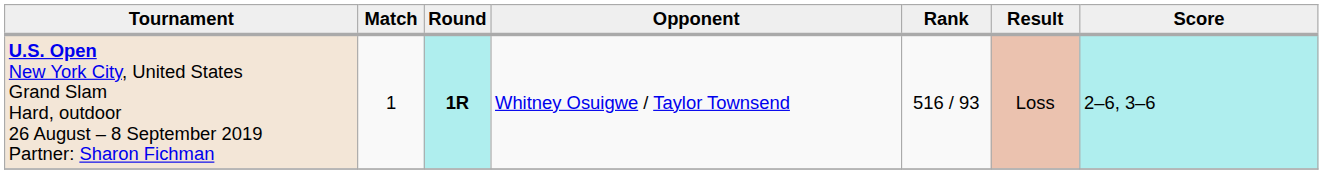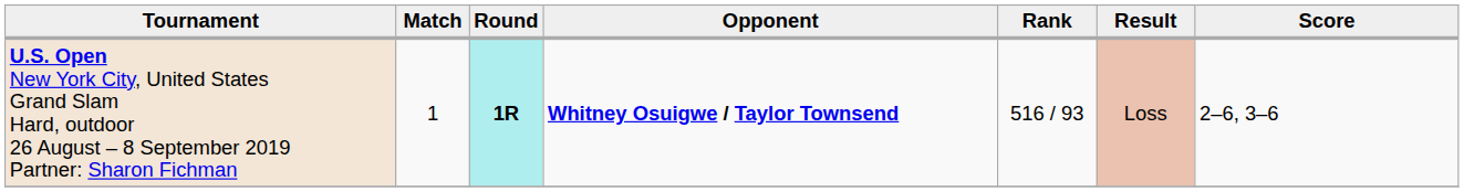 <table class="wikitable">
 <tr style="background:#efefef;font-weight:bold;text-align:center">
 <td style="width:300px;">Tournament</td>
 <td style="width:50px;">Match</td>
 <td style="width:50px;">Round</td>
 <td style="width:350px;">Opponent</td>
 <td style="width:70px;">Rank</td>
 <td style="width:70px;">Result</td>
 <td style="width:200px;">Score</td>
 </tr>
 <tr style="border-top:3px solid #aaaaaa">
 <td style="background:#f3e6d7; text-align:left"><strong><a href='#'>U.S. Open</a></strong><br><a href='#'>New York City</a>, United States<br>Grand Slam<br>Hard, outdoor<br>26 August – 8 September 2019<br>Partner:  <a href='#'>Sharon Fichman</a></td>
 <td style="text-align:center">1</td>
 <td style="text-align:center; background:#afeeee"><strong>1R</strong></td>
-<td> <a href='#'>Whitney Osuigwe</a> /  <a href='#'>Taylor Townsend</a> </td>
+<td><strong> <a href='#'>Whitney Osuigwe</a> /  <a href='#'>Taylor Townsend</a> </strong></td>
 <td style="text-align:center">516 / 93</td>
 <td style="text-align:center; background:#ebc2af">Loss</td>
-<td style="background: paleturquoise;">2–6, 3–6</td>
+<td>2–6, 3–6</td>
 </tr>
 <tr>
 </tr>
 </table>
